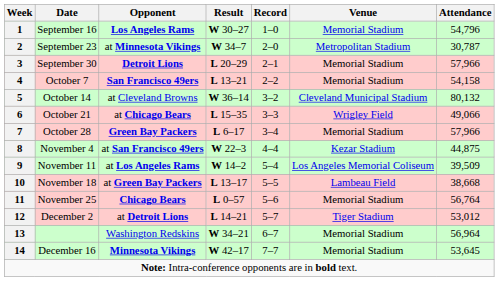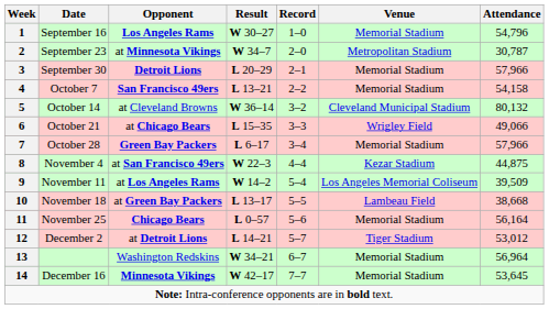 <table class="wikitable" style="text-align:center">
 <tr>
 <th>Week</th>
 <th>Date</th>
 <th>Opponent</th>
 <th>Result</th>
 <th>Record</th>
 <th>Venue</th>
 <th>Attendance</th>
 </tr>
 <tr style="background:#cfc">
 <th>1</th>
 <td>September 16</td>
 <td><strong><a href='#'>Los Angeles Rams</a></strong></td>
 <td><strong>W</strong> 30–27</td>
 <td>1–0</td>
 <td><a href='#'>Memorial Stadium</a></td>
 <td>54,796</td>
 </tr>
 <tr style="background:#cfc">
 <th>2</th>
 <td>September 23</td>
 <td>at <strong><a href='#'>Minnesota Vikings</a></strong></td>
 <td><strong>W</strong> 34–7</td>
 <td>2–0</td>
 <td><a href='#'>Metropolitan Stadium</a></td>
 <td>30,787</td>
 </tr>
 <tr style="background:#fcc">
 <th>3</th>
 <td>September 30</td>
 <td><strong><a href='#'>Detroit Lions</a></strong></td>
 <td><strong>L</strong> 20–29</td>
 <td>2–1</td>
 <td>Memorial Stadium</td>
 <td>57,966</td>
 </tr>
 <tr style="background:#fcc">
 <th>4</th>
 <td>October 7</td>
 <td><strong><a href='#'>San Francisco 49ers</a></strong></td>
 <td><strong>L</strong> 13–21</td>
 <td>2–2</td>
 <td>Memorial Stadium</td>
 <td>54,158</td>
 </tr>
 <tr style="background:#cfc">
 <th>5</th>
 <td>October 14</td>
 <td>at <a href='#'>Cleveland Browns</a></td>
 <td><strong>W</strong> 36–14</td>
 <td>3–2</td>
 <td><a href='#'>Cleveland Municipal Stadium</a></td>
 <td>80,132</td>
 </tr>
 <tr style="background:#fcc">
 <th>6</th>
 <td>October 21</td>
 <td>at <strong><a href='#'>Chicago Bears</a></strong></td>
 <td><strong>L</strong> 15–35</td>
 <td>3–3</td>
 <td><a href='#'>Wrigley Field</a></td>
 <td>49,066</td>
 </tr>
 <tr style="background:#fcc">
 <th>7</th>
 <td>October 28</td>
 <td><strong><a href='#'>Green Bay Packers</a></strong></td>
 <td><strong>L</strong> 6–17</td>
 <td>3–4</td>
 <td>Memorial Stadium</td>
 <td>57,966</td>
 </tr>
 <tr style="background:#cfc">
 <th>8</th>
 <td>November 4</td>
 <td>at <strong><a href='#'>San Francisco 49ers</a></strong></td>
 <td><strong>W</strong> 22–3</td>
 <td>4–4</td>
 <td><a href='#'>Kezar Stadium</a></td>
 <td>44,875</td>
 </tr>
 <tr style="background:#cfc">
 <th>9</th>
 <td>November 11</td>
 <td>at <strong><a href='#'>Los Angeles Rams</a></strong></td>
 <td><strong>W</strong> 14–2</td>
 <td>5–4</td>
 <td><a href='#'>Los Angeles Memorial Coliseum</a></td>
 <td>39,509</td>
 </tr>
 <tr style="background:#fcc">
 <th>10</th>
 <td>November 18</td>
 <td>at <strong><a href='#'>Green Bay Packers</a></strong></td>
 <td><strong>L</strong> 13–17</td>
 <td>5–5</td>
 <td><a href='#'>Lambeau Field</a></td>
 <td>38,668</td>
 </tr>
 <tr style="background:#fcc">
 <th>11</th>
 <td>November 25</td>
 <td><strong><a href='#'>Chicago Bears</a></strong></td>
 <td><strong>L</strong> 0–57</td>
 <td>5–6</td>
 <td>Memorial Stadium</td>
-<td>56,764</td>
+<td>56,164</td>
 </tr>
 <tr style="background:#fcc">
 <th>12</th>
 <td>December 2</td>
 <td>at <strong><a href='#'>Detroit Lions</a></strong></td>
 <td><strong>L</strong> 14–21</td>
 <td>5–7</td>
 <td><a href='#'>Tiger Stadium</a></td>
 <td>53,012</td>
 </tr>
 <tr style="background:#cfc">
 <th>13</th>
 <td></td>
 <td><a href='#'>Washington Redskins</a></td>
 <td><strong>W</strong> 34–21</td>
 <td>6–7</td>
 <td>Memorial Stadium</td>
 <td>56,964</td>
 </tr>
 <tr style="background:#cfc">
 <th>14</th>
 <td>December 16</td>
 <td><strong><a href='#'>Minnesota Vikings</a></strong></td>
 <td><strong>W</strong> 42–17</td>
 <td>7–7</td>
 <td>Memorial Stadium</td>
 <td>53,645</td>
 </tr>
 <tr>
 <td colspan="8"><strong>Note:</strong> Intra-conference opponents are in <strong>bold</strong> text.</td>
 </tr>
 </table>
